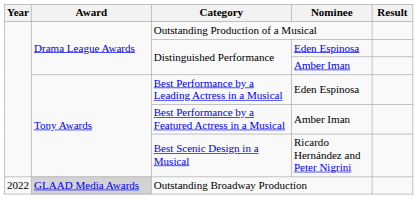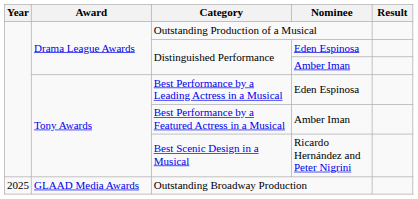 <table class="wikitable" width="95%">
 <tr>
 <th width="5%">Year</th>
 <th width="30%">Award</th>
 <th width="35%">Category</th>
 <th width="20%">Nominee</th>
 <th width="10%">Result</th>
 </tr>
 <tr>
 <td rowspan=6></td>
 <td rowspan=3><a href='#'>Drama League Awards</a></td>
 <td colspan=2>Outstanding Production of a Musical</td>
 <td></td>
 </tr>
 <tr>
 <td rowspan=2>Distinguished Performance</td>
 <td><a href='#'>Eden Espinosa</a></td>
 <td></td>
 </tr>
 <tr>
 <td><a href='#'>Amber Iman</a></td>
 <td></td>
 </tr>
 <tr>
 <td rowspan=3><a href='#'>Tony Awards</a></td>
 <td><a href='#'>Best Performance by a Leading Actress in a Musical</a></td>
 <td>Eden Espinosa</td>
 <td></td>
 </tr>
 <tr>
 <td><a href='#'>Best Performance by a Featured Actress in a Musical</a></td>
 <td>Amber Iman</td>
 <td></td>
 </tr>
 <tr>
 <td><a href='#'>Best Scenic Design in a Musical</a></td>
 <td>Ricardo Hernández and <a href='#'>Peter Nigrini</a></td>
 <td></td>
 </tr>
 <tr>
-<td>2022</td>
-<td style="background: lightgrey;"><a href='#'>GLAAD Media Awards</a></td>
+<td>2025</td>
+<td><a href='#'>GLAAD Media Awards</a></td>
 <td colspan=2>Outstanding Broadway Production</td>
 <td></td>
 </tr>
 </table>
